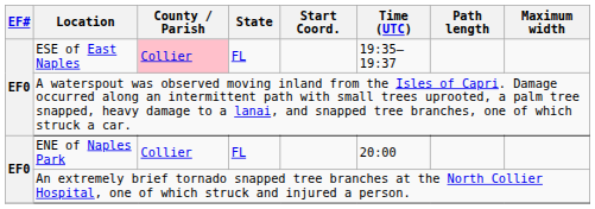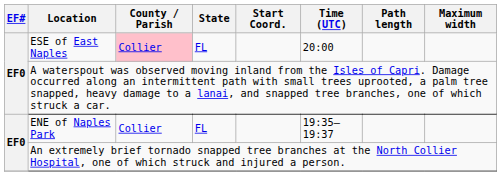 <table class="wikitable sortable" style="width:100%;">
 <tr>
 <th scope="col" width="2%" align="center"><a href='#'>EF#</a></th>
 <th scope="col" align="center" class="unsortable">Location</th>
 <th scope="col" align="center" class="unsortable">County / Parish</th>
 <th scope="col" align="center">State</th>
 <th scope="col" align="center">Start Coord.</th>
 <th scope="col" align="center">Time (<a href='#'>UTC</a>)</th>
 <th scope="col" align="center">Path length</th>
 <th scope="col" align="center">Maximum width</th>
 </tr>
 <tr>
 <th scope="row" rowspan="2" style="background-color:#">EF0</th>
 <td>ESE of <a href='#'>East Naples</a></td>
 <td style="background: pink;"><a href='#'>Collier</a></td>
 <td><a href='#'>FL</a></td>
 <td></td>
-<td>19:35–19:37</td>
+<td>20:00</td>
 <td></td>
 <td></td>
 </tr>
 <tr class="expand-child">
 <td colspan="8" style=" border-bottom: 1px solid black;">A waterspout was observed moving inland from the <a href='#'>Isles of Capri</a>. Damage occurred along an intermittent path with small trees uprooted, a palm tree snapped, heavy damage to a <a href='#'>lanai</a>, and snapped tree branches, one of which struck a car.</td>
 </tr>
 <tr>
 <th scope="row" rowspan="2" style="background-color:#">EF0</th>
 <td>ENE of <a href='#'>Naples Park</a></td>
 <td><a href='#'>Collier</a></td>
 <td><a href='#'>FL</a></td>
 <td></td>
-<td>20:00</td>
+<td>19:35–19:37</td>
 <td></td>
 <td></td>
 </tr>
 <tr class="expand-child">
 <td colspan="8" style=" border-bottom: 1px solid black;">An extremely brief tornado snapped tree branches at the <a href='#'>North Collier Hospital</a>, one of which struck and injured a person.</td>
 </tr>
 <tr>
 </tr>
 </table>
